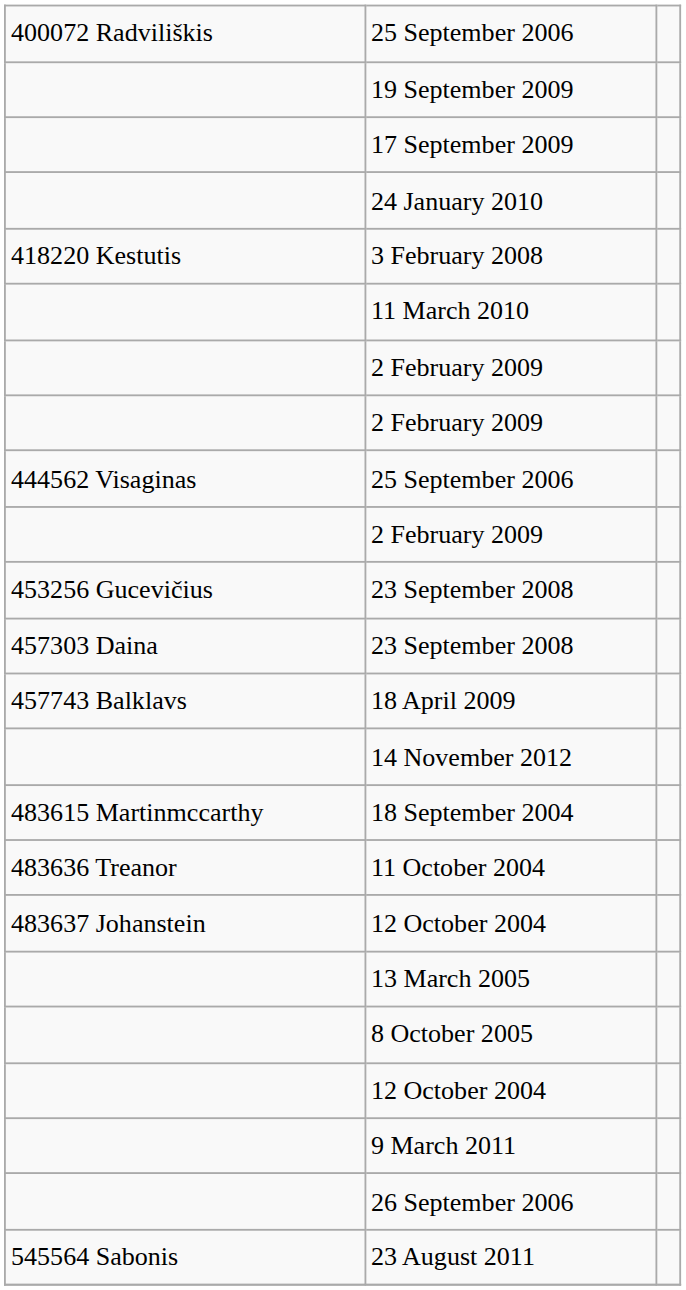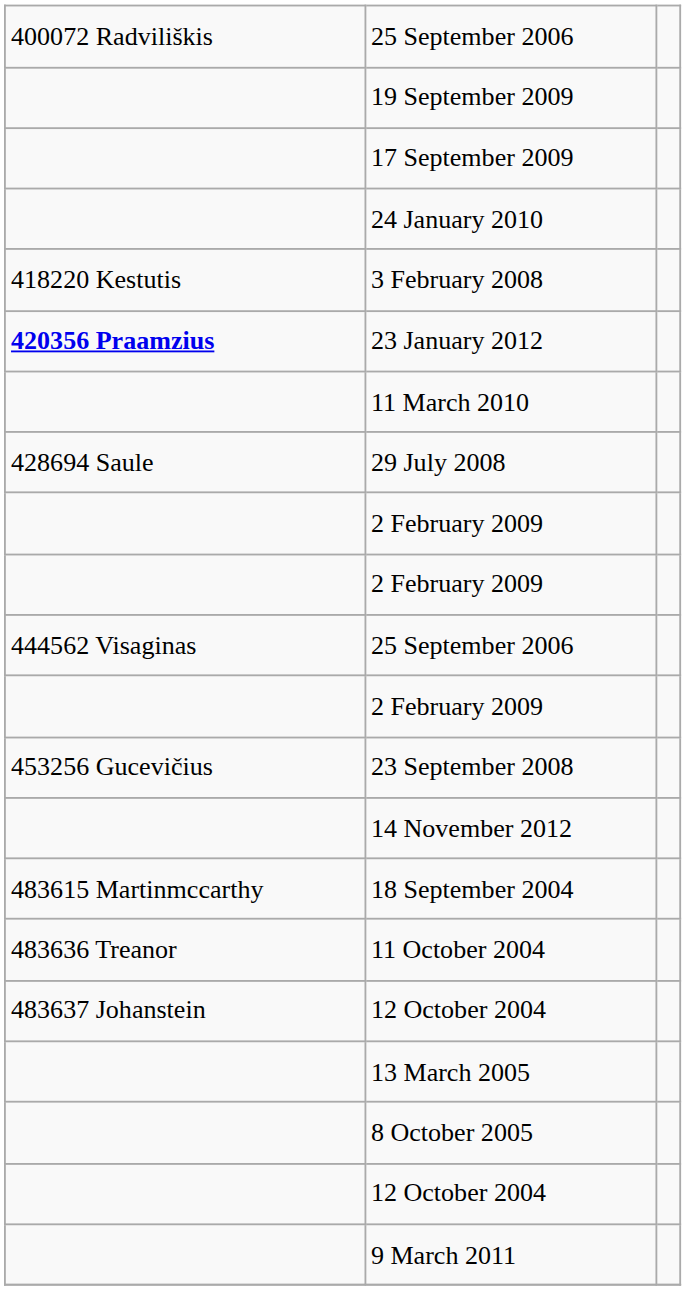 <table class="wikitable" style="font-size: 89%; float: left; width: 26em; margin-right: 1em; height: 700px;">
 <tr>
 <td>400072 Radviliškis</td>
 <td>25 September 2006</td>
 <td> </td>
 </tr>
 <tr>
 <td></td>
 <td>19 September 2009</td>
 <td> </td>
 </tr>
 <tr>
 <td></td>
 <td>17 September 2009</td>
 <td> </td>
 </tr>
 <tr>
 <td></td>
 <td>24 January 2010</td>
 <td> </td>
 </tr>
 <tr>
 <td>418220 Kestutis</td>
 <td>3 February 2008</td>
 <td> </td>
 </tr>
 <tr>
+<td><strong><a href='#'>420356 Praamzius</a></strong></td>
+<td>23 January 2012</td>
+<td> </td>
+</tr>
+<tr>
 <td></td>
 <td>11 March 2010</td>
+<td> </td>
+</tr>
+<tr>
+<td>428694 Saule</td>
+<td>29 July 2008</td>
 <td> </td>
 </tr>
 <tr>
 <td></td>
 <td>2 February 2009</td>
 <td> </td>
 </tr>
 <tr>
 <td></td>
 <td>2 February 2009</td>
 <td> </td>
 </tr>
 <tr>
 <td>444562 Visaginas</td>
 <td>25 September 2006</td>
 <td> </td>
 </tr>
 <tr>
 <td></td>
 <td>2 February 2009</td>
 <td> </td>
 </tr>
 <tr>
 <td>453256 Gucevičius</td>
 <td>23 September 2008</td>
-<td> </td>
-</tr>
-<tr>
-<td>457303 Daina</td>
-<td>23 September 2008</td>
-<td> </td>
-</tr>
-<tr>
-<td>457743 Balklavs</td>
-<td>18 April 2009</td>
 <td> </td>
 </tr>
 <tr>
 <td></td>
 <td>14 November 2012</td>
 <td> </td>
 </tr>
 <tr>
 <td>483615 Martinmccarthy</td>
 <td>18 September 2004</td>
 <td> </td>
 </tr>
 <tr>
 <td>483636 Treanor</td>
 <td>11 October 2004</td>
 <td> </td>
 </tr>
 <tr>
 <td>483637 Johanstein</td>
 <td>12 October 2004</td>
 <td> </td>
 </tr>
 <tr>
 <td></td>
 <td>13 March 2005</td>
 <td> </td>
 </tr>
 <tr>
 <td></td>
 <td>8 October 2005</td>
 <td> </td>
 </tr>
 <tr>
 <td></td>
 <td>12 October 2004</td>
 <td> </td>
 </tr>
 <tr>
 <td></td>
 <td>9 March 2011</td>
 <td></td>
 </tr>
 <tr>
-<td></td>
-<td>26 September 2006</td>
-<td> </td>
-</tr>
-<tr>
-<td>545564 Sabonis</td>
-<td>23 August 2011</td>
-<td> </td>
-</tr>
-<tr>
 </tr>
 </table>
